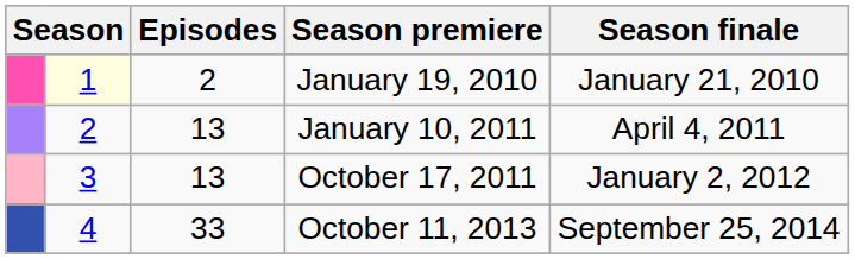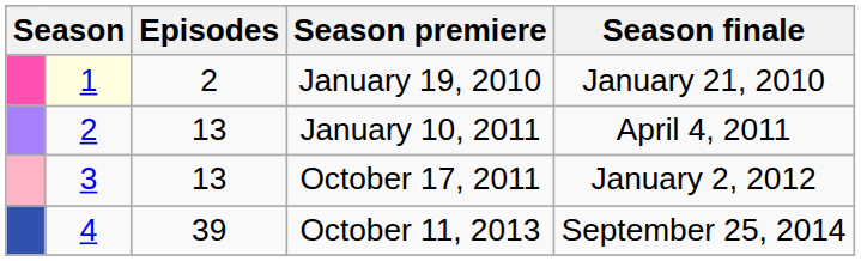 <table class="wikitable">
 <tr>
 <th colspan="2">Season</th>
 <th>Episodes</th>
 <th>Season premiere</th>
 <th>Season finale</th>
 </tr>
 <tr>
 <td bgcolor="FF4FB1" height="10px"></td>
 <td align="center" style="background: lightyellow;"><a href='#'>1</a></td>
 <td align="center">2</td>
 <td align="center">January 19, 2010</td>
 <td align="center">January 21, 2010</td>
 </tr>
 <tr>
 <td bgcolor="A780FB" height="10px"></td>
 <td align="center"><a href='#'>2</a></td>
 <td align="center">13</td>
 <td align="center">January 10, 2011</td>
 <td align="center">April 4, 2011</td>
 </tr>
 <tr>
 <td bgcolor="FFB5C5" height="10px"></td>
 <td align="center"><a href='#'>3</a></td>
 <td align="center">13</td>
 <td align="center">October 17, 2011</td>
 <td align="center">January 2, 2012</td>
 </tr>
 <tr>
 <td bgcolor="3251AE" height="10px"></td>
 <td align="center"><a href='#'>4</a></td>
-<td align="center">33</td>
+<td align="center">39</td>
 <td align="center">October 11, 2013</td>
 <td align="center">September 25, 2014</td>
 </tr>
 </table>
